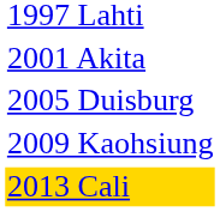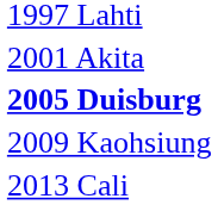 <table>
 <tr>
 <td><a href='#'>1997 Lahti</a></td>
 <td></td>
 <td></td>
 <td></td>
 </tr>
 <tr>
 <td><a href='#'>2001 Akita</a></td>
 <td></td>
 <td></td>
 <td></td>
 </tr>
 <tr>
-<td><a href='#'>2005 Duisburg</a></td>
+<td><strong><a href='#'>2005 Duisburg</a></strong></td>
 <td></td>
 <td></td>
 <td></td>
 </tr>
 <tr>
 <td><a href='#'>2009 Kaohsiung</a></td>
 <td></td>
 <td></td>
 <td></td>
 </tr>
 <tr>
-<td style="background: gold;"><a href='#'>2013 Cali</a></td>
+<td><a href='#'>2013 Cali</a></td>
 <td></td>
 <td></td>
 <td></td>
 </tr>
 </table>
